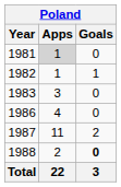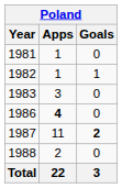 <table class="wikitable" style="text-align:center">
 <tr>
 <th colspan=3><a href='#'>Poland</a></th>
 </tr>
 <tr>
 <th>Year</th>
 <th>Apps</th>
 <th>Goals</th>
 </tr>
 <tr>
 <td>1981</td>
-<td style="background: lightgrey;">1</td>
+<td>1</td>
 <td>0</td>
 </tr>
 <tr>
 <td>1982</td>
 <td>1</td>
 <td>1</td>
 </tr>
 <tr>
 <td>1983</td>
 <td>3</td>
 <td>0</td>
 </tr>
 <tr>
 <td>1986</td>
-<td>4</td>
+<td><strong>4</strong></td>
 <td>0</td>
 </tr>
 <tr>
 <td>1987</td>
 <td>11</td>
-<td>2</td>
+<td><strong>2</strong></td>
 </tr>
 <tr>
 <td>1988</td>
 <td>2</td>
-<td><strong>0</strong></td>
+<td>0</td>
 </tr>
 <tr>
 <th>Total</th>
 <th>22</th>
 <th>3</th>
 </tr>
 </table>
